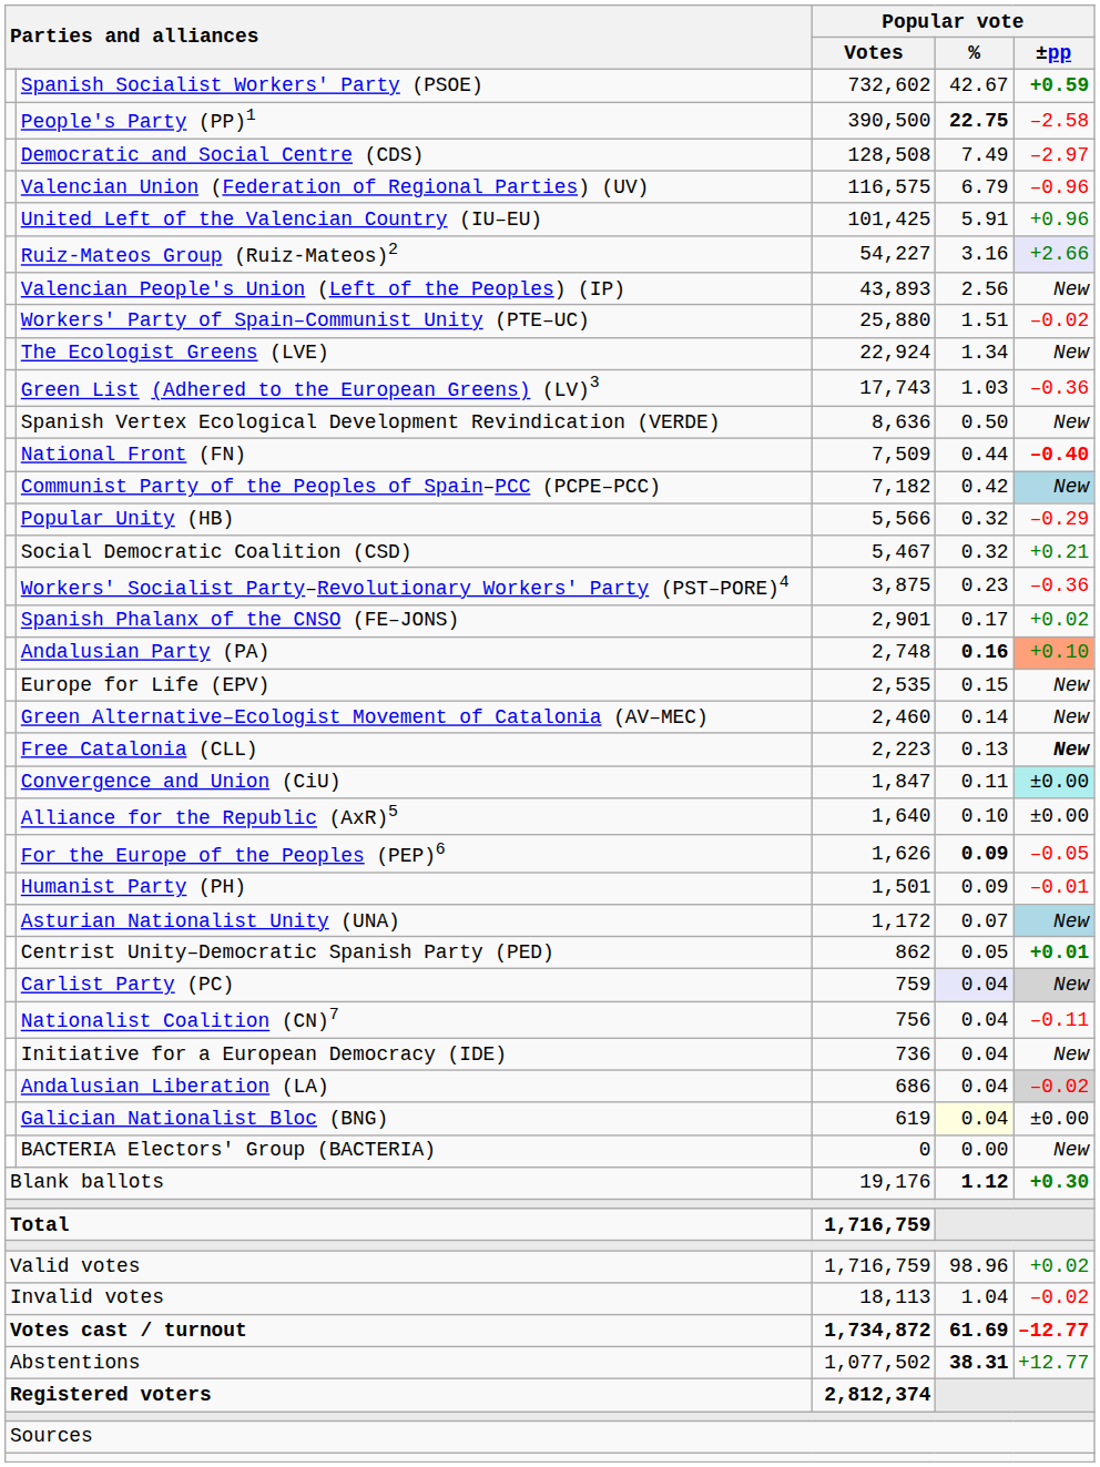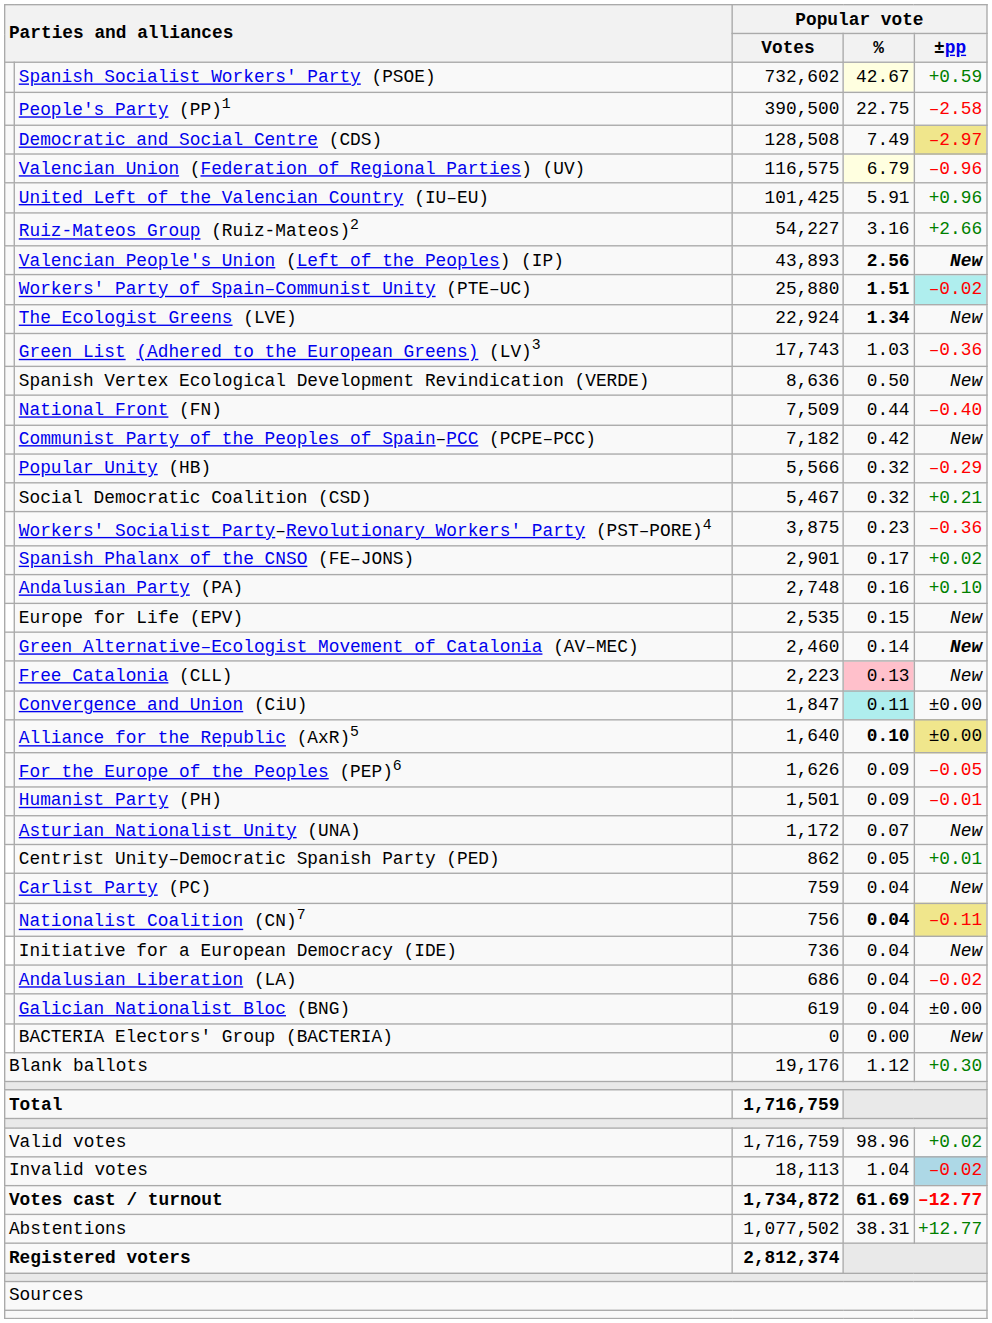 <table class="wikitable" style="text-align:right">
 <tr>
 <th style="text-align:left;" rowspan="2" colspan="2" width="525">Parties and alliances</th>
 <th colspan="3">Popular vote</th>
 </tr>
 <tr>
 <th width="75">Votes</th>
 <th width="45">%</th>
 <th width="45">±<a href='#'>pp</a></th>
 </tr>
 <tr>
 <td width="1" style="color:inherit;background:"></td>
 <td align="left"><a href='#'>Spanish Socialist Workers' Party</a> (PSOE)</td>
 <td>732,602</td>
-<td>42.67</td>
-<td style="color:green;"><strong>+0.59</strong></td>
+<td style="background: lightyellow;">42.67</td>
+<td style="color:green;">+0.59</td>
 </tr>
 <tr>
 <td style="color:inherit;background:"></td>
 <td align="left"><a href='#'>People's Party</a> (PP)<sup>1</sup></td>
 <td>390,500</td>
-<td><strong>22.75</strong></td>
+<td>22.75</td>
 <td style="color:red;">–2.58</td>
 </tr>
 <tr>
 <td style="color:inherit;background:"></td>
 <td align="left"><a href='#'>Democratic and Social Centre</a> (CDS)</td>
 <td>128,508</td>
 <td>7.49</td>
-<td style="color:red;">–2.97</td>
+<td style="background: khaki; color:red;">–2.97</td>
 </tr>
 <tr>
 <td style="color:inherit;background:"></td>
 <td align="left"><a href='#'>Valencian Union</a> (<a href='#'>Federation of Regional Parties</a>) (UV)</td>
 <td>116,575</td>
-<td>6.79</td>
+<td style="background: lightyellow;">6.79</td>
 <td style="color:red;">–0.96</td>
 </tr>
 <tr>
 <td style="color:inherit;background:"></td>
 <td align="left"><a href='#'>United Left of the Valencian Country</a> (IU–EU)</td>
 <td>101,425</td>
 <td>5.91</td>
 <td style="color:green;">+0.96</td>
 </tr>
 <tr>
 <td style="color:inherit;background:"></td>
 <td align="left"><a href='#'>Ruiz-Mateos Group</a> (Ruiz-Mateos)<sup>2</sup></td>
 <td>54,227</td>
 <td>3.16</td>
-<td style="background: lavender; color:green;">+2.66</td>
+<td style="color:green;">+2.66</td>
 </tr>
 <tr>
 <td style="color:inherit;background:"></td>
 <td align="left"><a href='#'>Valencian People's Union</a> (<a href='#'>Left of the Peoples</a>) (IP)</td>
 <td>43,893</td>
-<td>2.56</td>
-<td><em>New</em></td>
+<td><strong>2.56</strong></td>
+<td><strong><em>New</em></strong></td>
 </tr>
 <tr>
 <td style="color:inherit;background:"></td>
 <td align="left"><a href='#'>Workers' Party of Spain–Communist Unity</a> (PTE–UC)</td>
 <td>25,880</td>
-<td>1.51</td>
-<td style="color:red;">–0.02</td>
+<td><strong>1.51</strong></td>
+<td style="background: paleturquoise; color:red;">–0.02</td>
 </tr>
 <tr>
 <td style="color:inherit;background:"></td>
 <td align="left"><a href='#'>The Ecologist Greens</a> (LVE)</td>
 <td>22,924</td>
-<td>1.34</td>
+<td><strong>1.34</strong></td>
 <td><em>New</em></td>
 </tr>
 <tr>
 <td style="color:inherit;background:"></td>
 <td align="left"><a href='#'>Green List</a> <a href='#'>(Adhered to the European Greens)</a> (LV)<sup>3</sup></td>
 <td>17,743</td>
 <td>1.03</td>
 <td style="color:red;">–0.36</td>
 </tr>
 <tr>
 <td style="color:inherit;background:"></td>
 <td align="left">Spanish Vertex Ecological Development Revindication (VERDE)</td>
 <td>8,636</td>
 <td>0.50</td>
 <td><em>New</em></td>
 </tr>
 <tr>
 <td style="color:inherit;background:"></td>
 <td align="left"><a href='#'>National Front</a> (FN)</td>
 <td>7,509</td>
 <td>0.44</td>
-<td style="color:red;"><strong>–0.40</strong></td>
+<td style="color:red;">–0.40</td>
 </tr>
 <tr>
 <td style="color:inherit;background:"></td>
 <td align="left"><a href='#'>Communist Party of the Peoples of Spain</a>–<a href='#'>PCC</a> (PCPE–PCC)</td>
 <td>7,182</td>
 <td>0.42</td>
-<td style="background: lightblue;"><em>New</em></td>
+<td><em>New</em></td>
 </tr>
 <tr>
 <td style="color:inherit;background:"></td>
 <td align="left"><a href='#'>Popular Unity</a> (HB)</td>
 <td>5,566</td>
 <td>0.32</td>
 <td style="color:red;">–0.29</td>
 </tr>
 <tr>
 <td style="color:inherit;background:"></td>
 <td align="left">Social Democratic Coalition (CSD)</td>
 <td>5,467</td>
 <td>0.32</td>
 <td style="color:green;">+0.21</td>
 </tr>
 <tr>
 <td style="color:inherit;background:"></td>
 <td align="left"><a href='#'>Workers' Socialist Party</a>–<a href='#'>Revolutionary Workers' Party</a> (PST–PORE)<sup>4</sup></td>
 <td>3,875</td>
 <td>0.23</td>
 <td style="color:red;">–0.36</td>
 </tr>
 <tr>
 <td style="color:inherit;background:"></td>
 <td align="left"><a href='#'>Spanish Phalanx of the CNSO</a> (FE–JONS)</td>
 <td>2,901</td>
 <td>0.17</td>
 <td style="color:green;">+0.02</td>
 </tr>
 <tr>
 <td style="color:inherit;background:"></td>
 <td align="left"><a href='#'>Andalusian Party</a> (PA)</td>
 <td>2,748</td>
-<td><strong>0.16</strong></td>
-<td style="background: lightsalmon; color:green;">+0.10</td>
+<td>0.16</td>
+<td style="color:green;">+0.10</td>
 </tr>
 <tr>
 <td bgcolor="white"></td>
 <td align="left">Europe for Life (EPV)</td>
 <td>2,535</td>
 <td>0.15</td>
 <td><em>New</em></td>
 </tr>
 <tr>
 <td style="color:inherit;background:"></td>
 <td align="left"><a href='#'>Green Alternative–Ecologist Movement of Catalonia</a> (AV–MEC)</td>
 <td>2,460</td>
 <td>0.14</td>
-<td><em>New</em></td>
+<td><strong><em>New</em></strong></td>
 </tr>
 <tr>
 <td style="color:inherit;background:"></td>
 <td align="left"><a href='#'>Free Catalonia</a> (CLL)</td>
 <td>2,223</td>
-<td>0.13</td>
-<td><strong><em>New</em></strong></td>
+<td style="background: pink;">0.13</td>
+<td><em>New</em></td>
 </tr>
 <tr>
 <td style="color:inherit;background:"></td>
 <td align="left"><a href='#'>Convergence and Union</a> (CiU)</td>
 <td>1,847</td>
-<td>0.11</td>
-<td style="background: paleturquoise;">±0.00</td>
+<td style="background: paleturquoise;">0.11</td>
+<td>±0.00</td>
 </tr>
 <tr>
 <td style="color:inherit;background:"></td>
 <td align="left"><a href='#'>Alliance for the Republic</a> (AxR)<sup>5</sup></td>
 <td>1,640</td>
-<td>0.10</td>
-<td>±0.00</td>
+<td><strong>0.10</strong></td>
+<td style="background: khaki;">±0.00</td>
 </tr>
 <tr>
 <td style="color:inherit;background:"></td>
 <td align="left"><a href='#'>For the Europe of the Peoples</a> (PEP)<sup>6</sup></td>
 <td>1,626</td>
-<td><strong>0.09</strong></td>
+<td>0.09</td>
 <td style="color:red;">–0.05</td>
 </tr>
 <tr>
 <td style="color:inherit;background:"></td>
 <td align="left"><a href='#'>Humanist Party</a> (PH)</td>
 <td>1,501</td>
 <td>0.09</td>
 <td style="color:red;">–0.01</td>
 </tr>
 <tr>
 <td style="color:inherit;background:"></td>
 <td align="left"><a href='#'>Asturian Nationalist Unity</a> (UNA)</td>
 <td>1,172</td>
 <td>0.07</td>
-<td style="background: lightblue;"><em>New</em></td>
+<td><em>New</em></td>
 </tr>
 <tr>
 <td bgcolor="white"></td>
 <td align="left">Centrist Unity–Democratic Spanish Party (PED)</td>
 <td>862</td>
 <td>0.05</td>
-<td style="color:green;"><strong>+0.01</strong></td>
+<td style="color:green;">+0.01</td>
 </tr>
 <tr>
 <td style="color:inherit;background:"></td>
 <td align="left"><a href='#'>Carlist Party</a> (PC)</td>
 <td>759</td>
-<td style="background: lavender;">0.04</td>
-<td style="background: lightgrey;"><em>New</em></td>
+<td>0.04</td>
+<td><em>New</em></td>
 </tr>
 <tr>
 <td style="color:inherit;background:"></td>
 <td align="left"><a href='#'>Nationalist Coalition</a> (CN)<sup>7</sup></td>
 <td>756</td>
-<td>0.04</td>
-<td style="color:red;">–0.11</td>
+<td><strong>0.04</strong></td>
+<td style="background: khaki; color:red;">–0.11</td>
 </tr>
 <tr>
 <td bgcolor="white"></td>
 <td align="left">Initiative for a European Democracy (IDE)</td>
 <td>736</td>
 <td>0.04</td>
 <td><em>New</em></td>
 </tr>
 <tr>
 <td style="color:inherit;background:"></td>
 <td align="left"><a href='#'>Andalusian Liberation</a> (LA)</td>
 <td>686</td>
 <td>0.04</td>
-<td style="background: lightgrey; color:red;">–0.02</td>
+<td style="color:red;">–0.02</td>
 </tr>
 <tr>
 <td style="color:inherit;background:"></td>
 <td align="left"><a href='#'>Galician Nationalist Bloc</a> (BNG)</td>
 <td>619</td>
-<td style="background: lightyellow;">0.04</td>
+<td>0.04</td>
 <td>±0.00</td>
 </tr>
 <tr>
 <td bgcolor="white"></td>
 <td align="left">BACTERIA Electors' Group (BACTERIA)</td>
 <td>0</td>
 <td>0.00</td>
 <td><em>New</em></td>
 </tr>
 <tr>
 <td align="left" colspan="2">Blank ballots</td>
 <td>19,176</td>
-<td><strong>1.12</strong></td>
-<td style="color:green;"><strong>+0.30</strong></td>
+<td>1.12</td>
+<td style="color:green;">+0.30</td>
 </tr>
 <tr>
 <td colspan="5" bgcolor="#E9E9E9"></td>
 </tr>
 <tr style="font-weight:bold;">
 <td align="left" colspan="2">Total</td>
 <td>1,716,759</td>
 <td bgcolor="#E9E9E9" colspan="2"></td>
 </tr>
 <tr>
 <td colspan="5" bgcolor="#E9E9E9"></td>
 </tr>
 <tr>
 <td align="left" colspan="2">Valid votes</td>
 <td>1,716,759</td>
 <td>98.96</td>
 <td style="color:green;">+0.02</td>
 </tr>
 <tr>
 <td align="left" colspan="2">Invalid votes</td>
 <td>18,113</td>
 <td>1.04</td>
-<td style="color:red;">–0.02</td>
+<td style="background: lightblue; color:red;">–0.02</td>
 </tr>
 <tr style="font-weight:bold;">
 <td align="left" colspan="2">Votes cast / turnout</td>
 <td>1,734,872</td>
 <td>61.69</td>
 <td style="color:red;">–12.77</td>
 </tr>
 <tr>
 <td align="left" colspan="2">Abstentions</td>
 <td>1,077,502</td>
-<td><strong>38.31</strong></td>
+<td>38.31</td>
 <td style="color:green;">+12.77</td>
 </tr>
 <tr style="font-weight:bold;">
 <td align="left" colspan="2">Registered voters</td>
 <td>2,812,374</td>
 <td bgcolor="#E9E9E9" colspan="2"></td>
 </tr>
 <tr>
 <td colspan="5" bgcolor="#E9E9E9"></td>
 </tr>
 <tr>
 <td align="left" colspan="5">Sources</td>
 </tr>
 <tr>
 <td colspan="5" style="text-align:left; max-width:680px;"></td>
 </tr>
 </table>
